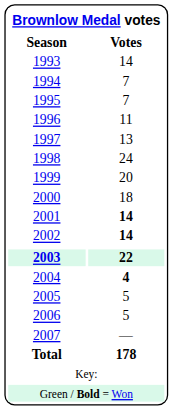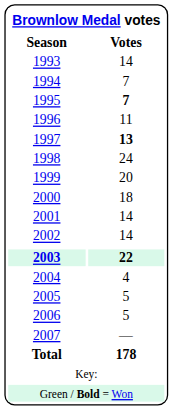 <table style="margin-right:4px; margin-top:8px; float:right; border:1px #000 solid; border-radius:8px; background:#fff; font-family:Verdana; font-size:8pt; text-align:center;">
 <tr style="background:#fff;">
 <td colspan="2;" style="padding:3px; margin-bottom:-3px; margin-top:2px; font-family:Arial; "><strong><a href='#'>Brownlow Medal</a> votes</strong></td>
 </tr>
 <tr>
 <th style="width:50%;">Season</th>
 <th style="width:50%;">Votes</th>
 </tr>
 <tr>
 <td><a href='#'>1993</a></td>
 <td>14</td>
 </tr>
 <tr>
 <td><a href='#'>1994</a></td>
 <td>7</td>
 </tr>
 <tr>
 <td><a href='#'>1995</a></td>
-<td>7</td>
+<td><strong>7</strong></td>
 </tr>
 <tr>
 <td><a href='#'>1996</a></td>
 <td>11</td>
 </tr>
 <tr>
 <td><a href='#'>1997</a></td>
-<td>13</td>
+<td><strong>13</strong></td>
 </tr>
 <tr>
 <td><a href='#'>1998</a></td>
 <td>24</td>
 </tr>
 <tr>
 <td><a href='#'>1999</a></td>
 <td>20</td>
 </tr>
 <tr>
 <td><a href='#'>2000</a></td>
 <td>18</td>
 </tr>
 <tr>
 <td><a href='#'>2001</a></td>
-<td><strong>14</strong></td>
+<td>14</td>
 </tr>
 <tr>
 <td><a href='#'>2002</a></td>
-<td><strong>14</strong></td>
+<td>14</td>
 </tr>
 <tr>
 </tr>
 <tr style="background:#D9F9E9;">
 <td><strong><a href='#'>2003</a></strong></td>
 <td><strong>22</strong></td>
 </tr>
 <tr>
 <td><a href='#'>2004</a></td>
-<td><strong>4</strong></td>
+<td>4</td>
 </tr>
 <tr>
 <td><a href='#'>2005</a></td>
 <td>5</td>
 </tr>
 <tr>
 <td><a href='#'>2006</a></td>
 <td>5</td>
 </tr>
 <tr>
 <td><a href='#'>2007</a></td>
 <td>—</td>
 </tr>
 <tr>
 <td><strong>Total</strong></td>
 <td><strong>178</strong></td>
 </tr>
 <tr>
 <td colspan=2><small>Key:</small></td>
 </tr>
 <tr style="background:#d9f9e9; border:1px solid #aaa; width:2em;">
 <td colspan=2><small>Green / <strong>Bold</strong> = <a href='#'>Won</a></small></td>
 </tr>
 </table>
